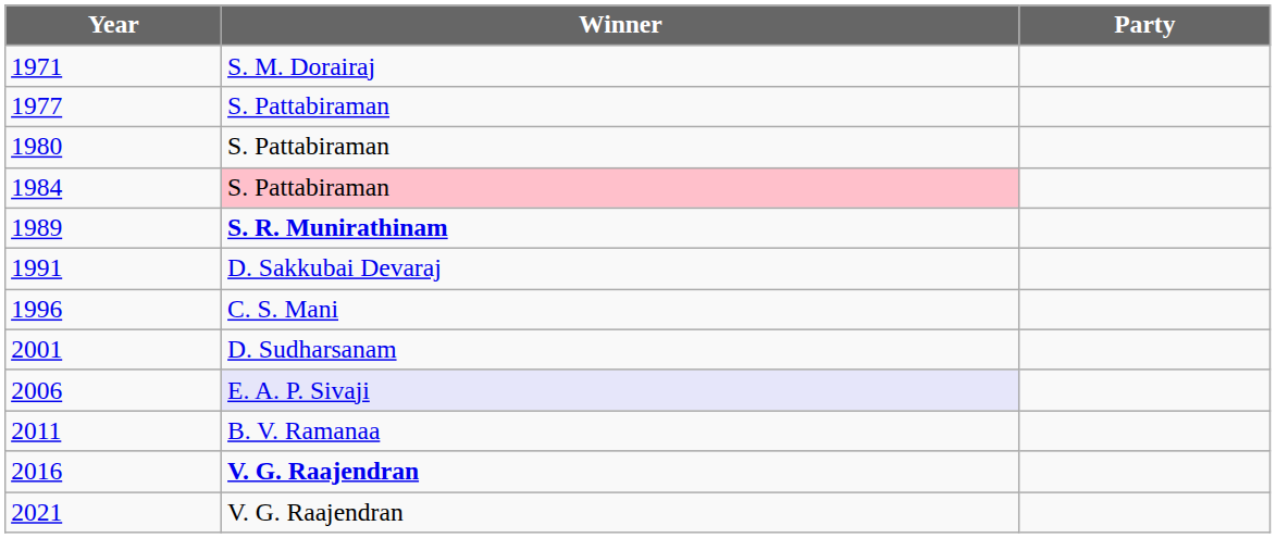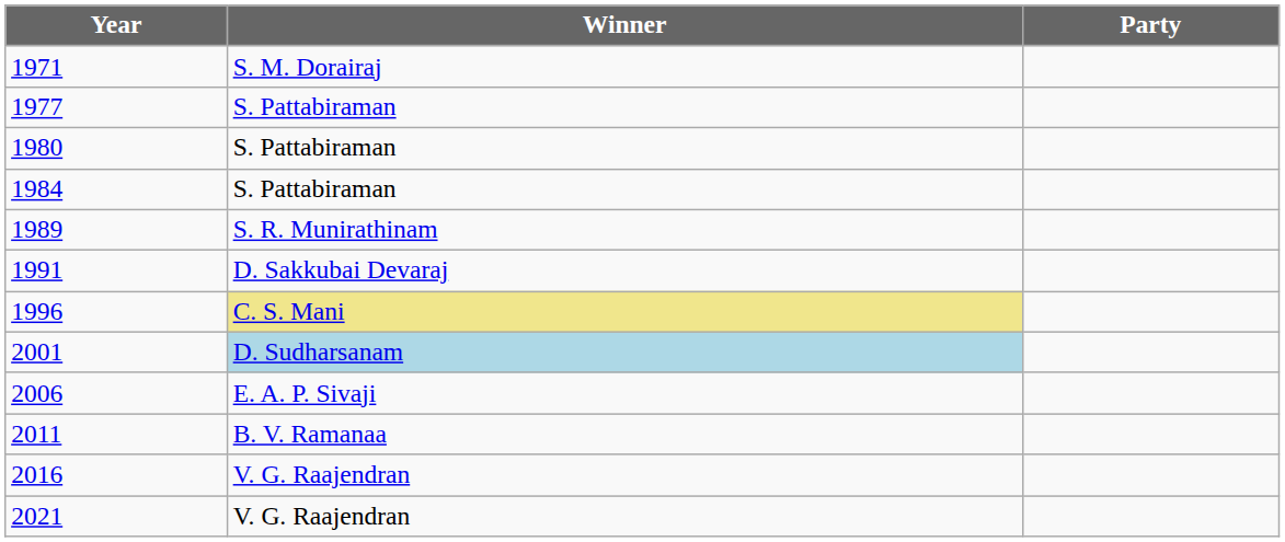 <table class="wikitable sortable" width="50%">
 <tr>
 <th style="background-color:#666666; color:white">Year</th>
 <th style="background-color:#666666; color:white">Winner</th>
 <th style="background-color:#666666; color:white" colspan="2">Party</th>
 </tr>
 <tr>
 <td><a href='#'>1971</a></td>
 <td><a href='#'>S. M. Dorairaj</a></td>
 <td></td>
 </tr>
 <tr>
 <td><a href='#'>1977</a></td>
 <td><a href='#'>S. Pattabiraman</a></td>
 <td></td>
 </tr>
 <tr>
 <td><a href='#'>1980</a></td>
 <td>S. Pattabiraman</td>
 <td></td>
 </tr>
 <tr>
 <td><a href='#'>1984</a></td>
-<td style="background: pink;">S. Pattabiraman</td>
+<td>S. Pattabiraman</td>
 <td></td>
 </tr>
 <tr>
 <td><a href='#'>1989</a></td>
-<td><strong><a href='#'>S. R. Munirathinam</a></strong></td>
+<td><a href='#'>S. R. Munirathinam</a></td>
 <td></td>
 </tr>
 <tr>
 <td><a href='#'>1991</a></td>
 <td><a href='#'>D. Sakkubai Devaraj</a></td>
 <td></td>
 </tr>
 <tr>
 <td><a href='#'>1996</a></td>
-<td><a href='#'>C. S. Mani</a></td>
+<td style="background: khaki;"><a href='#'>C. S. Mani</a></td>
 <td></td>
 </tr>
 <tr>
 <td><a href='#'>2001</a></td>
-<td><a href='#'>D. Sudharsanam</a></td>
+<td style="background: lightblue;"><a href='#'>D. Sudharsanam</a></td>
 <td></td>
 </tr>
 <tr>
 <td><a href='#'>2006</a></td>
-<td style="background: lavender;"><a href='#'>E. A. P. Sivaji</a></td>
+<td><a href='#'>E. A. P. Sivaji</a></td>
 <td></td>
 </tr>
 <tr>
 <td><a href='#'>2011</a></td>
 <td><a href='#'>B. V. Ramanaa</a></td>
 <td></td>
 </tr>
 <tr>
 <td><a href='#'>2016</a></td>
-<td><strong><a href='#'>V. G. Raajendran</a></strong></td>
+<td><a href='#'>V. G. Raajendran</a></td>
 <td></td>
 </tr>
 <tr>
 <td><a href='#'>2021</a></td>
 <td>V. G. Raajendran</td>
 <td></td>
 </tr>
 </table>
